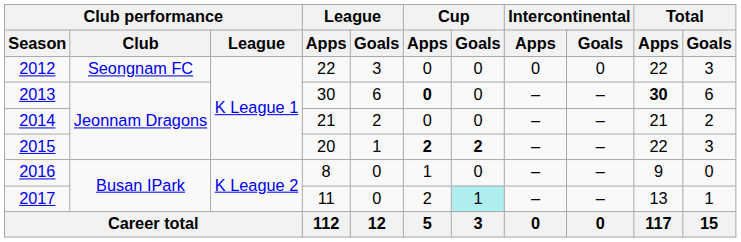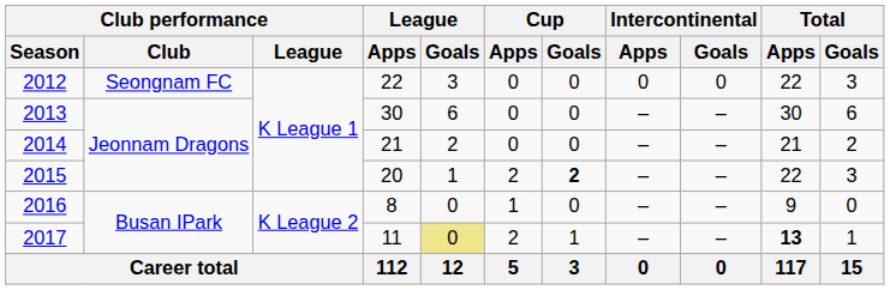 <table class="wikitable" style="text-align:center">
 <tr>
 <th colspan=3>Club performance</th>
 <th colspan=2>League</th>
 <th colspan=2>Cup</th>
 <th colspan=2>Intercontinental</th>
 <th colspan=2>Total</th>
 </tr>
 <tr>
 <th>Season</th>
 <th>Club</th>
 <th>League</th>
 <th>Apps</th>
 <th>Goals</th>
 <th>Apps</th>
 <th>Goals</th>
 <th>Apps</th>
 <th>Goals</th>
 <th>Apps</th>
 <th>Goals</th>
 </tr>
 <tr>
 <td><a href='#'>2012</a></td>
 <td rowspan="1"><a href='#'>Seongnam FC</a></td>
 <td rowspan="4"><a href='#'>K League 1</a></td>
 <td>22</td>
 <td>3</td>
 <td>0</td>
 <td>0</td>
 <td>0</td>
 <td>0</td>
 <td>22</td>
 <td>3</td>
 </tr>
 <tr>
 <td><a href='#'>2013</a></td>
 <td rowspan="3"><a href='#'>Jeonnam Dragons</a></td>
 <td>30</td>
 <td>6</td>
-<td><strong>0</strong></td>
+<td>0</td>
 <td>0</td>
 <td>–</td>
 <td>–</td>
-<td><strong>30</strong></td>
+<td>30</td>
 <td>6</td>
 </tr>
 <tr>
 <td><a href='#'>2014</a></td>
 <td>21</td>
 <td>2</td>
 <td>0</td>
 <td>0</td>
 <td>–</td>
 <td>–</td>
 <td>21</td>
 <td>2</td>
 </tr>
 <tr>
 <td><a href='#'>2015</a></td>
 <td>20</td>
 <td>1</td>
-<td><strong>2</strong></td>
+<td>2</td>
 <td><strong>2</strong></td>
 <td>–</td>
 <td>–</td>
 <td>22</td>
 <td>3</td>
 </tr>
 <tr>
 <td><a href='#'>2016</a></td>
 <td rowspan="2"><a href='#'>Busan IPark</a></td>
 <td rowspan="2"><a href='#'>K League 2</a></td>
 <td>8</td>
 <td>0</td>
 <td>1</td>
 <td>0</td>
 <td>–</td>
 <td>–</td>
 <td>9</td>
 <td>0</td>
 </tr>
 <tr>
 <td><a href='#'>2017</a></td>
 <td>11</td>
-<td>0</td>
+<td style="background: khaki;">0</td>
 <td>2</td>
-<td style="background: paleturquoise;">1</td>
+<td>1</td>
 <td>–</td>
 <td>–</td>
-<td>13</td>
+<td><strong>13</strong></td>
 <td>1</td>
 </tr>
 <tr>
 <th colspan=3>Career total</th>
 <th>112</th>
 <th>12</th>
 <th>5</th>
 <th>3</th>
 <th>0</th>
 <th>0</th>
 <th>117</th>
 <th>15</th>
 </tr>
 </table>
